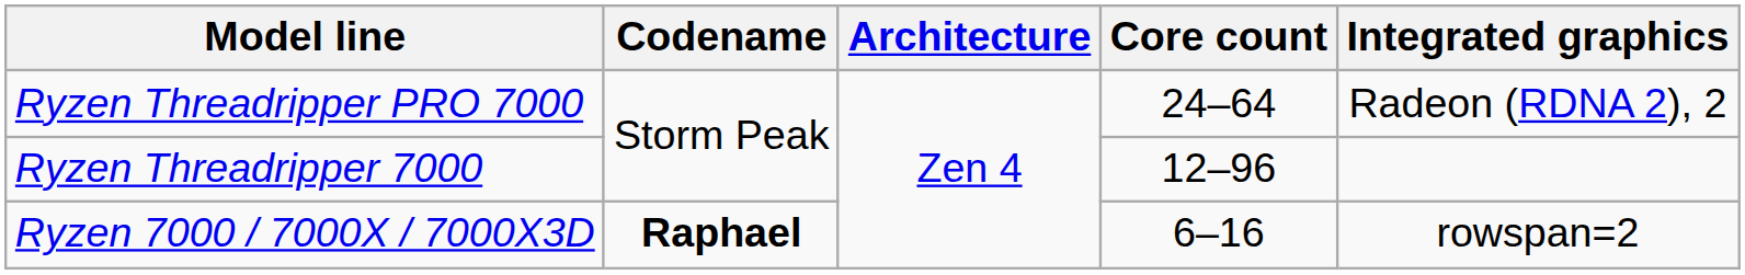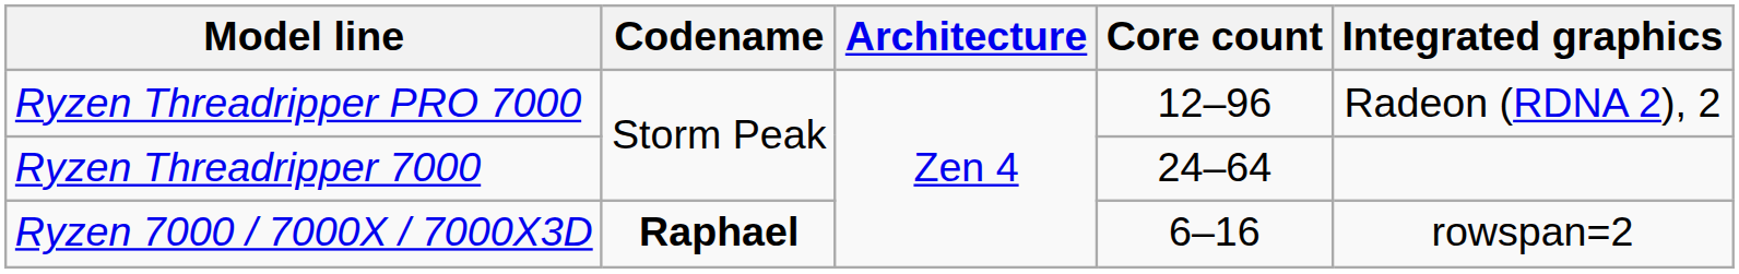 <table class="wikitable" style="text-align: center;">
 <tr>
 <th>Model line</th>
 <th>Codename</th>
 <th><a href='#'>Architecture</a></th>
 <th>Core count</th>
 <th>Integrated graphics</th>
 </tr>
 <tr>
 <td style="text-align: left;"><a href='#'><em>Ryzen Threadripper PRO 7000</em></a></td>
 <td rowspan=2>Storm Peak</td>
 <td rowspan=3><a href='#'>Zen 4</a></td>
-<td>24–64</td>
+<td>12–96</td>
 <td>Radeon (<a href='#'>RDNA 2</a>), 2 </td>
 </tr>
 <tr>
 <td style="text-align: left;"><a href='#'><em>Ryzen Threadripper 7000</em></a></td>
-<td>12–96</td>
+<td>24–64</td>
 </tr>
 <tr>
 <td style="text-align: left;"><a href='#'><em>Ryzen 7000 / 7000X / 7000X3D</em></a></td>
 <td><strong>Raphael</strong></td>
 <td>6–16</td>
 <td>rowspan=2 </td>
 </tr>
 </table>
